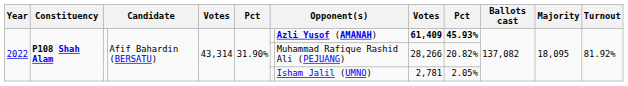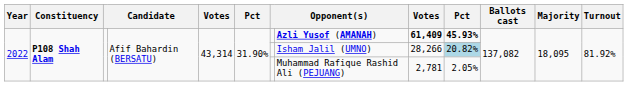 <table class="wikitable" style="margin:0.5em ; font-size:95%">
 <tr>
 <th>Year</th>
 <th>Constituency</th>
 <th colspan=2>Candidate</th>
 <th>Votes</th>
 <th>Pct</th>
 <th colspan=2>Opponent(s)</th>
 <th>Votes</th>
 <th>Pct</th>
 <th>Ballots cast</th>
 <th>Majority</th>
 <th>Turnout</th>
 </tr>
 <tr>
 <td rowspan=3><a href='#'>2022</a></td>
 <td rowspan=3><strong>P108 <a href='#'>Shah Alam</a></strong></td>
 <td rowspan=3></td>
 <td rowspan=3>Afif Bahardin (<a href='#'>BERSATU</a>)</td>
 <td rowspan=3 align="right">43,314</td>
 <td rowspan=3>31.90%</td>
 <td></td>
 <td><strong><a href='#'>Azli Yusof</a></strong> (<a href='#'><strong>AMANAH</strong></a>)</td>
 <td align="right"><strong>61,409</strong></td>
 <td><strong>45.93%</strong></td>
 <td rowspan=3>137,082</td>
 <td rowspan=3>18,095</td>
 <td rowspan=3>81.92%</td>
 </tr>
 <tr>
 <td></td>
-<td>Muhammad Rafique Rashid Ali (<a href='#'>PEJUANG</a>)</td>
+<td><a href='#'>Isham Jalil</a> (<a href='#'>UMNO</a>)</td>
 <td align="right">28,266</td>
-<td>20.82%</td>
+<td style="background: lightblue;">20.82%</td>
 </tr>
 <tr>
 <td></td>
-<td><a href='#'>Isham Jalil</a> (<a href='#'>UMNO</a>)</td>
+<td>Muhammad Rafique Rashid Ali (<a href='#'>PEJUANG</a>)</td>
 <td align="right">2,781</td>
 <td align="right">2.05%</td>
 </tr>
 </table>
